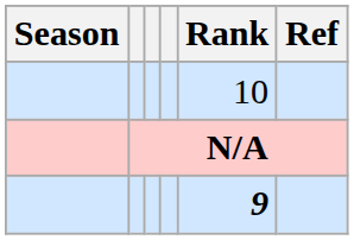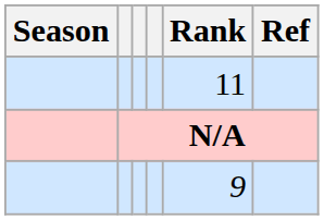 <table class="wikitable plainrowheaders sortable">
 <tr>
 <th scope=col>Season</th>
 <th scope=col></th>
 <th scope=col></th>
 <th scope=col></th>
 <th scope=col>Rank</th>
 <th scope=col class="unsortable">Ref</th>
 </tr>
 <tr style="background-color: #D0E7FF">
 <th scope=row style="background-color: #D0E7FF" align=right></th>
 <td align=right></td>
 <td align=right></td>
 <td align=right></td>
-<td align=right>10</td>
+<td align=right>11</td>
 <td align=center></td>
 </tr>
 <tr style="background-color: #FFCCCC">
 <th scope=row style="background-color: #FFCCCC" align=right></th>
 <th colspan="5" style="background-color: #FFCCCC">N/A</th>
 </tr>
 <tr style="background-color: #D0E7FF">
 <th scope=row style="background-color: #D0E7FF" align=right></th>
 <td align=right><em></em></td>
 <td align=right><em></em></td>
 <td align=right><em></em></td>
-<td align=right><strong><em>9</em></strong></td>
+<td align=right><em>9</em></td>
 <td align=center></td>
 </tr>
 </table>
